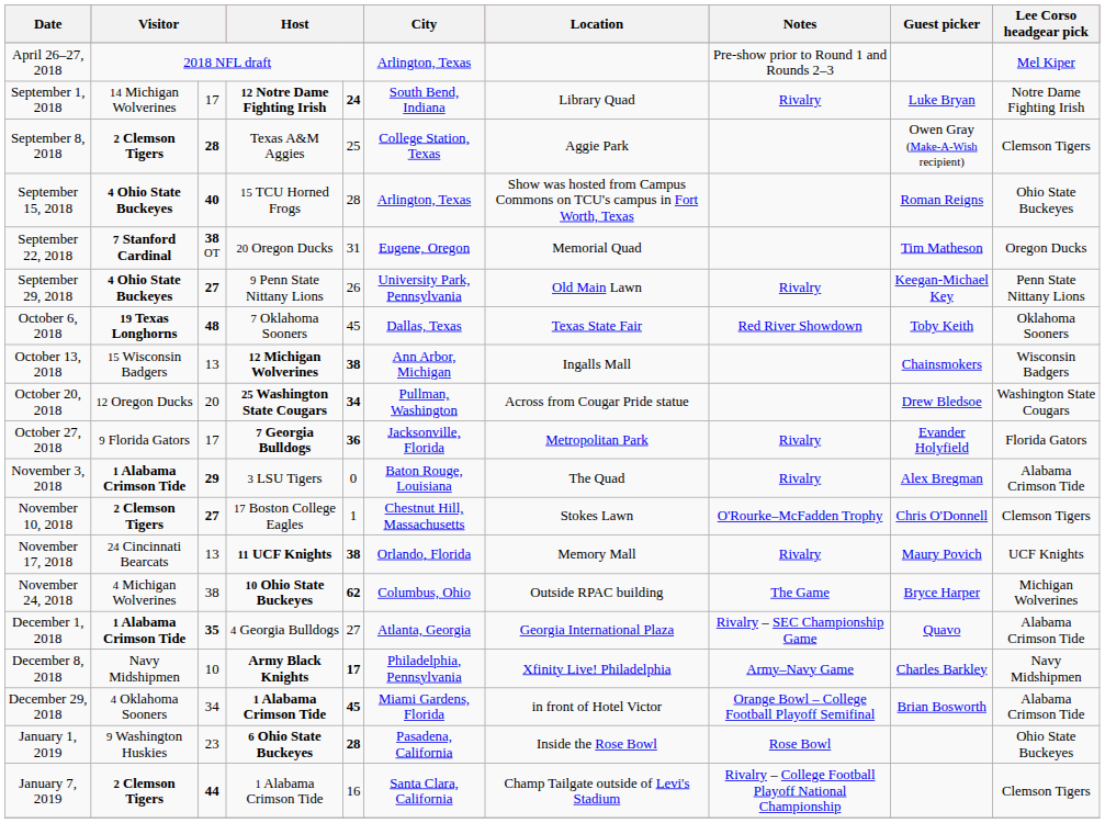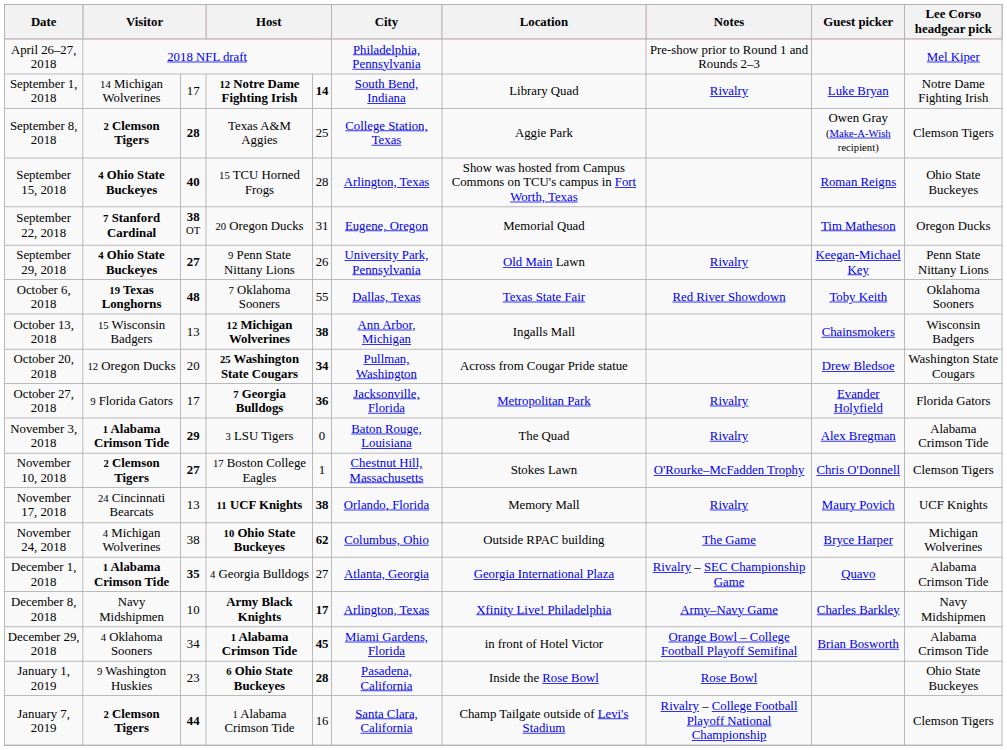 <table class="wikitable" style="text-align:center">
 <tr style="background:#A32638;"|>
 <th>Date</th>
 <th colspan=2>Visitor</th>
 <th colspan=2>Host</th>
 <th>City</th>
 <th>Location</th>
 <th>Notes</th>
 <th>Guest picker</th>
 <th>Lee Corso headgear pick</th>
 </tr>
 <tr>
 <td>April 26–27, 2018</td>
 <td colspan="4"><a href='#'>2018 NFL draft</a></td>
-<td><a href='#'>Arlington, Texas</a></td>
+<td><a href='#'>Philadelphia, Pennsylvania</a></td>
 <td></td>
 <td>Pre-show prior to Round 1 and Rounds 2–3</td>
 <td></td>
 <td><a href='#'>Mel Kiper</a></td>
 </tr>
 <tr>
 <td>September 1, 2018</td>
 <td><small>14</small> Michigan Wolverines</td>
 <td>17</td>
 <td><strong><small>12</small> Notre Dame Fighting Irish</strong></td>
-<td><strong>24</strong></td>
+<td><strong>14</strong></td>
 <td><a href='#'>South Bend, Indiana</a></td>
 <td>Library Quad</td>
 <td><a href='#'>Rivalry</a></td>
 <td><a href='#'>Luke Bryan</a></td>
 <td>Notre Dame Fighting Irish</td>
 </tr>
 <tr>
 <td>September 8, 2018</td>
 <td><strong><small>2</small> Clemson Tigers</strong></td>
 <td><strong>28</strong></td>
 <td>Texas A&M Aggies</td>
 <td>25</td>
 <td><a href='#'>College Station, Texas</a></td>
 <td>Aggie Park</td>
 <td></td>
 <td>Owen Gray<br><small>(<a href='#'>Make-A-Wish</a> recipient)</small></td>
 <td>Clemson Tigers</td>
 </tr>
 <tr>
 <td>September 15, 2018</td>
 <td><strong><small>4</small> Ohio State Buckeyes</strong></td>
 <td><strong>40</strong></td>
 <td><small>15</small> TCU Horned Frogs</td>
 <td>28</td>
 <td><a href='#'>Arlington, Texas</a></td>
 <td>Show was hosted from Campus Commons on TCU's campus in <a href='#'>Fort Worth, Texas</a></td>
 <td></td>
 <td><a href='#'>Roman Reigns</a></td>
 <td>Ohio State Buckeyes</td>
 </tr>
 <tr>
 <td>September 22, 2018</td>
 <td><strong><small>7</small> Stanford Cardinal</strong></td>
 <td><strong>38</strong> <sup>OT</sup></td>
 <td><small>20</small> Oregon Ducks</td>
 <td>31</td>
 <td><a href='#'>Eugene, Oregon</a></td>
 <td>Memorial Quad</td>
 <td></td>
 <td><a href='#'>Tim Matheson</a></td>
 <td>Oregon Ducks</td>
 </tr>
 <tr>
 <td>September 29, 2018</td>
 <td><strong><small>4</small> Ohio State Buckeyes</strong></td>
 <td><strong>27</strong></td>
 <td><small>9</small> Penn State Nittany Lions</td>
 <td>26</td>
 <td><a href='#'>University Park, Pennsylvania</a></td>
 <td><a href='#'>Old Main</a> Lawn</td>
 <td><a href='#'>Rivalry</a></td>
 <td><a href='#'>Keegan-Michael Key</a></td>
 <td>Penn State Nittany Lions</td>
 </tr>
 <tr>
 <td>October 6, 2018</td>
 <td><strong><small>19</small> Texas Longhorns</strong></td>
 <td><strong>48</strong></td>
 <td><small>7</small> Oklahoma Sooners</td>
-<td>45</td>
+<td>55</td>
 <td><a href='#'>Dallas, Texas</a></td>
 <td><a href='#'>Texas State Fair</a></td>
 <td><a href='#'>Red River Showdown</a></td>
 <td><a href='#'>Toby Keith</a></td>
 <td>Oklahoma Sooners</td>
 </tr>
 <tr>
 <td>October 13, 2018</td>
 <td><small>15</small> Wisconsin Badgers</td>
 <td>13</td>
 <td><strong><small>12</small> Michigan Wolverines</strong></td>
 <td><strong>38</strong></td>
 <td><a href='#'>Ann Arbor, Michigan</a></td>
 <td>Ingalls Mall</td>
 <td></td>
 <td><a href='#'>Chainsmokers</a></td>
 <td>Wisconsin Badgers</td>
 </tr>
 <tr>
 <td>October 20, 2018</td>
 <td><small>12</small> Oregon Ducks</td>
 <td>20</td>
 <td><strong><small>25</small> Washington State Cougars</strong></td>
 <td><strong>34</strong></td>
 <td><a href='#'>Pullman, Washington</a></td>
 <td>Across from Cougar Pride statue</td>
 <td></td>
 <td><a href='#'>Drew Bledsoe</a></td>
 <td>Washington State Cougars</td>
 </tr>
 <tr>
 <td>October 27, 2018</td>
 <td><small>9</small> Florida Gators</td>
 <td>17</td>
 <td><strong><small>7</small> Georgia Bulldogs</strong></td>
 <td><strong>36</strong></td>
 <td><a href='#'>Jacksonville, Florida</a></td>
 <td><a href='#'>Metropolitan Park</a></td>
 <td><a href='#'>Rivalry</a></td>
 <td><a href='#'>Evander Holyfield</a></td>
 <td>Florida Gators</td>
 </tr>
 <tr>
 <td>November 3, 2018</td>
 <td><strong><small>1</small> Alabama Crimson Tide</strong></td>
 <td><strong>29</strong></td>
 <td><small>3</small> LSU Tigers</td>
 <td>0</td>
 <td><a href='#'>Baton Rouge, Louisiana</a></td>
 <td>The Quad</td>
 <td><a href='#'>Rivalry</a></td>
 <td><a href='#'>Alex Bregman</a></td>
 <td>Alabama Crimson Tide</td>
 </tr>
 <tr>
 <td>November 10, 2018</td>
 <td><strong><small>2</small> Clemson Tigers</strong></td>
 <td><strong>27</strong></td>
 <td><small>17</small> Boston College Eagles</td>
 <td>1</td>
 <td><a href='#'>Chestnut Hill, Massachusetts</a></td>
 <td>Stokes Lawn</td>
 <td><a href='#'>O'Rourke–McFadden Trophy</a></td>
 <td><a href='#'>Chris O'Donnell</a></td>
 <td>Clemson Tigers</td>
 </tr>
 <tr>
 <td>November 17, 2018</td>
 <td><small>24</small> Cincinnati Bearcats</td>
 <td>13</td>
 <td><strong><small>11</small> UCF Knights</strong></td>
 <td><strong>38</strong></td>
 <td><a href='#'>Orlando, Florida</a></td>
 <td>Memory Mall</td>
 <td><a href='#'>Rivalry</a></td>
 <td><a href='#'>Maury Povich</a></td>
 <td>UCF Knights</td>
 </tr>
 <tr>
 <td>November 24, 2018</td>
 <td><small>4</small> Michigan Wolverines</td>
 <td>38</td>
 <td><strong><small>10</small> Ohio State Buckeyes</strong></td>
 <td><strong>62</strong></td>
 <td><a href='#'>Columbus, Ohio</a></td>
 <td>Outside RPAC building</td>
 <td><a href='#'>The Game</a></td>
 <td><a href='#'>Bryce Harper</a></td>
 <td>Michigan Wolverines</td>
 </tr>
 <tr>
 <td>December 1, 2018</td>
 <td><strong><small>1</small> Alabama Crimson Tide</strong></td>
 <td><strong>35</strong></td>
 <td><small>4</small> Georgia Bulldogs</td>
 <td>27</td>
 <td><a href='#'>Atlanta, Georgia</a></td>
 <td><a href='#'>Georgia International Plaza</a></td>
 <td><a href='#'>Rivalry</a> – <a href='#'>SEC Championship Game</a></td>
 <td><a href='#'>Quavo</a></td>
 <td>Alabama Crimson Tide</td>
 </tr>
 <tr>
 <td>December 8, 2018</td>
 <td>Navy Midshipmen</td>
 <td>10</td>
 <td><strong>Army Black Knights</strong></td>
 <td><strong>17</strong></td>
-<td><a href='#'>Philadelphia, Pennsylvania</a></td>
+<td><a href='#'>Arlington, Texas</a></td>
 <td><a href='#'>Xfinity Live! Philadelphia</a></td>
 <td><a href='#'>Army–Navy Game</a></td>
 <td><a href='#'>Charles Barkley</a></td>
 <td>Navy Midshipmen</td>
 </tr>
 <tr>
 <td>December 29, 2018</td>
 <td><small>4</small> Oklahoma Sooners</td>
 <td>34</td>
 <td><strong><small>1</small> Alabama Crimson Tide</strong></td>
 <td><strong>45</strong></td>
 <td><a href='#'>Miami Gardens, Florida</a></td>
 <td>in front of Hotel Victor</td>
 <td><a href='#'>Orange Bowl – College Football Playoff Semifinal</a></td>
 <td><a href='#'>Brian Bosworth</a></td>
 <td>Alabama Crimson Tide</td>
 </tr>
 <tr>
 <td>January 1, 2019</td>
 <td><small>9</small> Washington Huskies</td>
 <td>23</td>
 <td><strong><small>6</small> Ohio State Buckeyes</strong></td>
 <td><strong>28</strong></td>
 <td><a href='#'>Pasadena, California</a></td>
 <td>Inside the <a href='#'>Rose Bowl</a></td>
 <td><a href='#'>Rose Bowl</a></td>
 <td></td>
 <td>Ohio State Buckeyes</td>
 </tr>
 <tr>
 <td>January 7, 2019</td>
 <td><strong><small>2</small> Clemson Tigers</strong></td>
 <td><strong>44</strong></td>
 <td><small>1</small> Alabama Crimson Tide</td>
 <td>16</td>
 <td><a href='#'>Santa Clara, California</a></td>
 <td>Champ Tailgate outside of <a href='#'>Levi's Stadium</a></td>
 <td><a href='#'>Rivalry</a> – <a href='#'>College Football Playoff National Championship</a></td>
 <td></td>
 <td>Clemson Tigers</td>
 </tr>
 <tr>
 </tr>
 </table>
